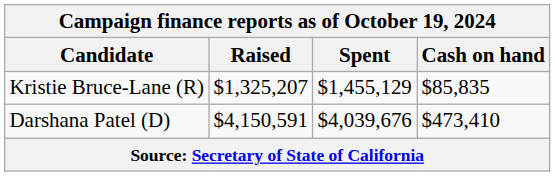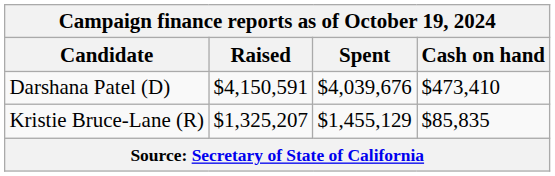 <table class="wikitable sortable">
 <tr>
 <th colspan=4>Campaign finance reports as of October 19, 2024</th>
 </tr>
 <tr style="text-align:center;">
 <th>Candidate</th>
 <th>Raised</th>
 <th>Spent</th>
 <th>Cash on hand</th>
 </tr>
 <tr>
+<td style="color:black;background-color:">Darshana Patel (D)</td>
+<td>$4,150,591</td>
+<td>$4,039,676</td>
+<td>$473,410</td>
+</tr>
+<tr>
 <td style="background-color:">Kristie Bruce-Lane (R)</td>
 <td>$1,325,207</td>
 <td>$1,455,129</td>
 <td>$85,835</td>
 </tr>
 <tr>
-<td style="color:black;background-color:">Darshana Patel (D)</td>
-<td>$4,150,591</td>
-<td>$4,039,676</td>
-<td>$473,410</td>
-</tr>
-<tr>
 <th colspan="4"><small>Source: <a href='#'>Secretary of State of California</a></small></th>
 </tr>
 </table>
